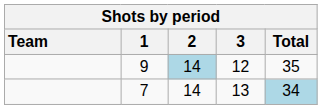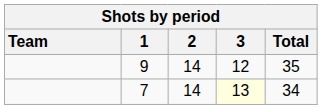 <table class="wikitable" style="width:20em;">
 <tr>
 <th colspan="6">Shots by period</th>
 </tr>
 <tr>
 <th style="width:8em; text-align:left;">Team</th>
 <th style="width:3em;">1</th>
 <th style="width:3em;">2</th>
 <th style="width:3em;">3</th>
 <th style="width:3em;">Total</th>
 </tr>
 <tr style="text-align:center;">
 <td style="text-align:left;"></td>
 <td>9</td>
-<td style="background: lightblue;">14</td>
+<td>14</td>
 <td>12</td>
 <td>35</td>
 </tr>
 <tr style="text-align:center;">
 <td style="text-align:left;"></td>
 <td>7</td>
 <td>14</td>
-<td>13</td>
-<td style="background: lightblue;">34</td>
+<td style="background: lightyellow;">13</td>
+<td>34</td>
 </tr>
 </table>
